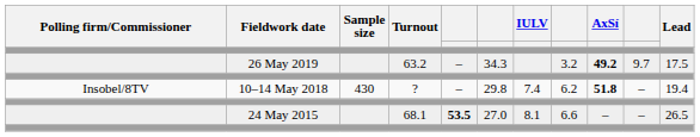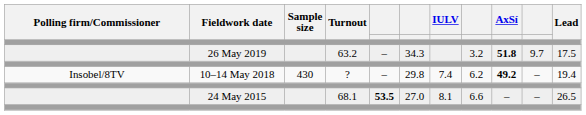 <table class="wikitable collapsible collapsed" style="text-align:center; font-size:95%; line-height:16px;">
 <tr style="height:42px;">
 <th style="width:250px;" rowspan="2">Polling firm/Commissioner</th>
 <th style="width:125px;" rowspan="2">Fieldwork date</th>
 <th style="width:50px;" rowspan="2">Sample size</th>
 <th style="width:45px;" rowspan="2">Turnout</th>
 <th style="width:35px;"></th>
 <th style="width:35px;"></th>
 <th style="width:35px;"><a href='#'>IULV</a></th>
 <th style="width:35px;"></th>
 <th style="width:35px;"><a href='#'>AxSí</a></th>
 <th style="width:35px;"></th>
 <th style="width:30px;" rowspan="2">Lead</th>
 </tr>
 <tr>
 <th style="color:inherit;background:"></th>
 <th style="color:inherit;background:"></th>
 <th style="color:inherit;background:"></th>
 <th style="color:inherit;background:"></th>
 <th style="color:inherit;background:"></th>
 <th style="color:inherit;background:"></th>
 </tr>
 <tr>
 <td colspan="11" style="background:#A0A0A0"></td>
 </tr>
 <tr style="background:#EFEFEF;">
 <td><strong></strong></td>
 <td>26 May 2019</td>
 <td></td>
 <td>63.2</td>
 <td>–</td>
 <td>34.3<br></td>
 <td></td>
 <td>3.2<br></td>
-<td><strong>49.2</strong><br></td>
+<td><strong>51.8</strong><br></td>
 <td>9.7<br></td>
 <td style="background:">17.5</td>
 </tr>
 <tr>
 <td colspan="11" style="background:#A0A0A0"></td>
 </tr>
 <tr>
 <td>Insobel/8TV</td>
 <td>10–14 May 2018</td>
 <td>430</td>
 <td>?</td>
 <td>–</td>
 <td>29.8<br></td>
 <td>7.4<br></td>
 <td>6.2<br></td>
-<td><strong>51.8</strong><br></td>
+<td><strong>49.2</strong><br></td>
 <td>–</td>
 <td style="background:">19.4</td>
 </tr>
 <tr>
 <td colspan="11" style="background:#A0A0A0"></td>
 </tr>
 <tr style="background:#EFEFEF;">
 <td><strong></strong></td>
 <td>24 May 2015</td>
 <td></td>
 <td>68.1</td>
 <td><strong>53.5</strong><br></td>
 <td>27.0<br></td>
 <td>8.1<br></td>
 <td>6.6<br></td>
 <td>–</td>
 <td>–</td>
 <td style="background:">26.5</td>
 </tr>
 <tr>
 <td colspan="11" style="background:#A0A0A0"></td>
 </tr>
 </table>
